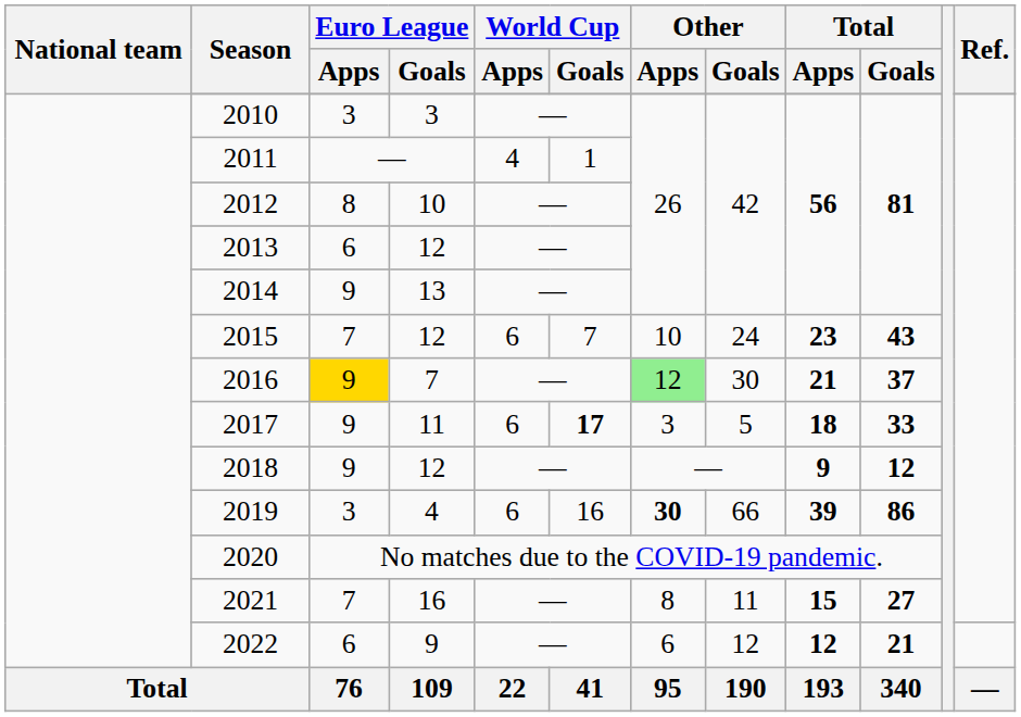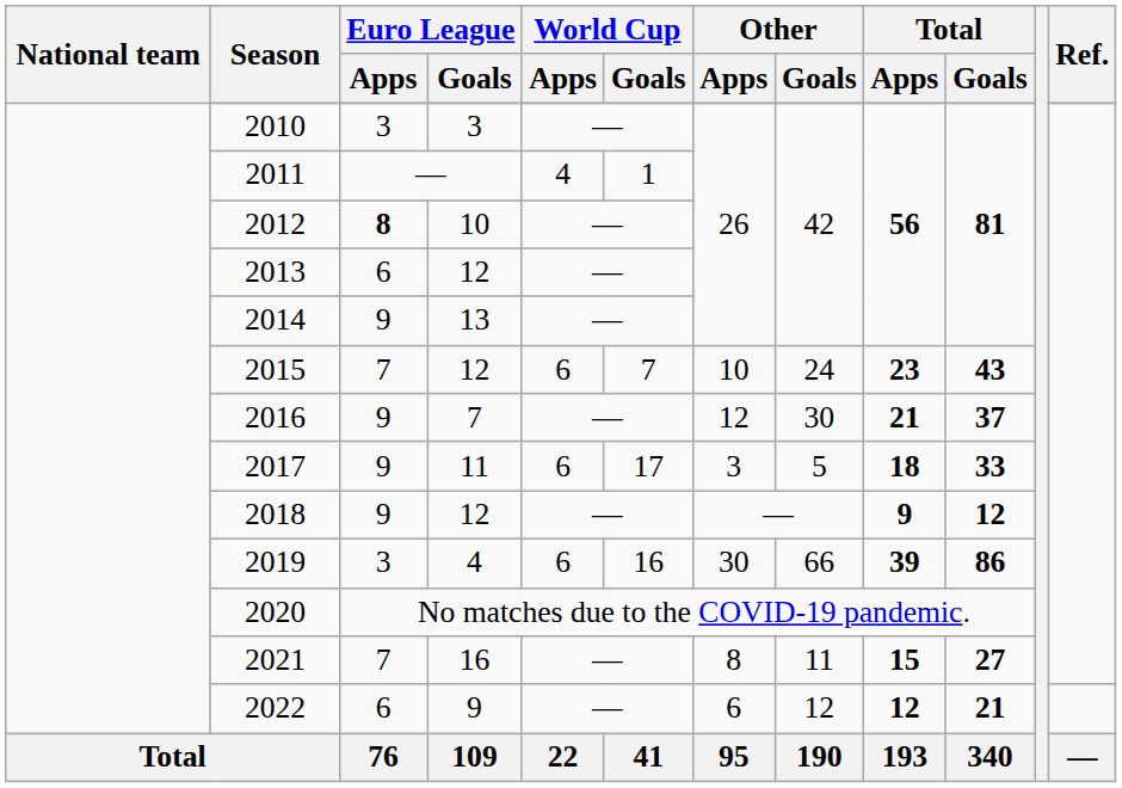 <table class="wikitable" style="text-align:center;">
 <tr>
 <th rowspan=2 width=100>National team</th>
 <th rowspan=2 width=60>Season</th>
 <th colspan=2><a href='#'>Euro League</a></th>
 <th colspan=2><a href='#'>World Cup</a></th>
 <th colspan="2">Other</th>
 <th colspan=2>Total</th>
 <th rowspan="17"></th>
 <th rowspan=2>Ref.</th>
 </tr>
 <tr>
 <th>Apps</th>
 <th>Goals</th>
 <th>Apps</th>
 <th>Goals</th>
 <th>Apps</th>
 <th>Goals</th>
 <th>Apps</th>
 <th>Goals</th>
 </tr>
 <tr>
 <td rowspan="14"><strong></strong></td>
 </tr>
 <tr>
 <td>2010</td>
 <td>3</td>
 <td>3</td>
 <td colspan="2">—</td>
 <td rowspan="5">26</td>
 <td rowspan="5">42</td>
 <td rowspan="5"><strong>56</strong></td>
 <td rowspan="5"><strong>81</strong></td>
 <td rowspan="12"></td>
 </tr>
 <tr>
 <td>2011</td>
 <td colspan="2">—</td>
 <td>4</td>
 <td>1</td>
 </tr>
 <tr>
 <td>2012</td>
-<td>8</td>
+<td><strong>8</strong></td>
 <td>10</td>
 <td colspan="2">—</td>
 </tr>
 <tr>
 <td>2013</td>
 <td>6</td>
 <td>12</td>
 <td colspan="2">—</td>
 </tr>
 <tr>
 <td>2014</td>
 <td>9</td>
 <td>13</td>
 <td colspan="2">—</td>
 </tr>
 <tr>
 <td>2015</td>
 <td>7</td>
 <td>12</td>
 <td>6</td>
 <td>7</td>
 <td>10</td>
 <td>24</td>
 <td><strong>23</strong></td>
 <td><strong>43</strong></td>
 </tr>
 <tr>
 <td>2016</td>
-<td style="background: gold;">9</td>
+<td>9</td>
 <td>7</td>
 <td colspan="2">—</td>
-<td style="background: lightgreen;">12</td>
+<td>12</td>
 <td>30</td>
 <td><strong>21</strong></td>
 <td><strong>37</strong></td>
 </tr>
 <tr>
 <td>2017</td>
 <td>9</td>
 <td>11</td>
 <td>6</td>
-<td><strong>17</strong></td>
+<td>17</td>
 <td>3</td>
 <td>5</td>
 <td><strong>18</strong></td>
 <td><strong>33</strong></td>
 </tr>
 <tr>
 <td>2018</td>
 <td>9</td>
 <td>12</td>
 <td colspan="2">—</td>
 <td colspan="2">—</td>
 <td><strong>9</strong></td>
 <td><strong>12</strong></td>
 </tr>
 <tr>
 <td>2019</td>
 <td>3</td>
 <td>4</td>
 <td>6</td>
 <td>16</td>
-<td><strong>30</strong></td>
+<td>30</td>
 <td>66</td>
 <td><strong>39</strong></td>
 <td><strong>86</strong></td>
 </tr>
 <tr>
 <td>2020</td>
 <td colspan="9">No matches due to the <a href='#'>COVID-19 pandemic</a>.</td>
 </tr>
 <tr>
 <td>2021</td>
 <td>7</td>
 <td>16</td>
 <td colspan="2">—</td>
 <td>8</td>
 <td>11</td>
 <td><strong>15</strong></td>
 <td><strong>27</strong></td>
 </tr>
 <tr>
 <td>2022</td>
 <td>6</td>
 <td>9</td>
 <td colspan="2">—</td>
 <td>6</td>
 <td>12</td>
 <td><strong>12</strong></td>
 <td><strong>21</strong></td>
 <td></td>
 </tr>
 <tr>
 <th colspan="2">Total</th>
 <th>76</th>
 <th>109</th>
 <th>22</th>
 <th>41</th>
 <th>95</th>
 <th>190</th>
 <th>193</th>
 <th>340</th>
 <th>—</th>
 </tr>
 </table>
